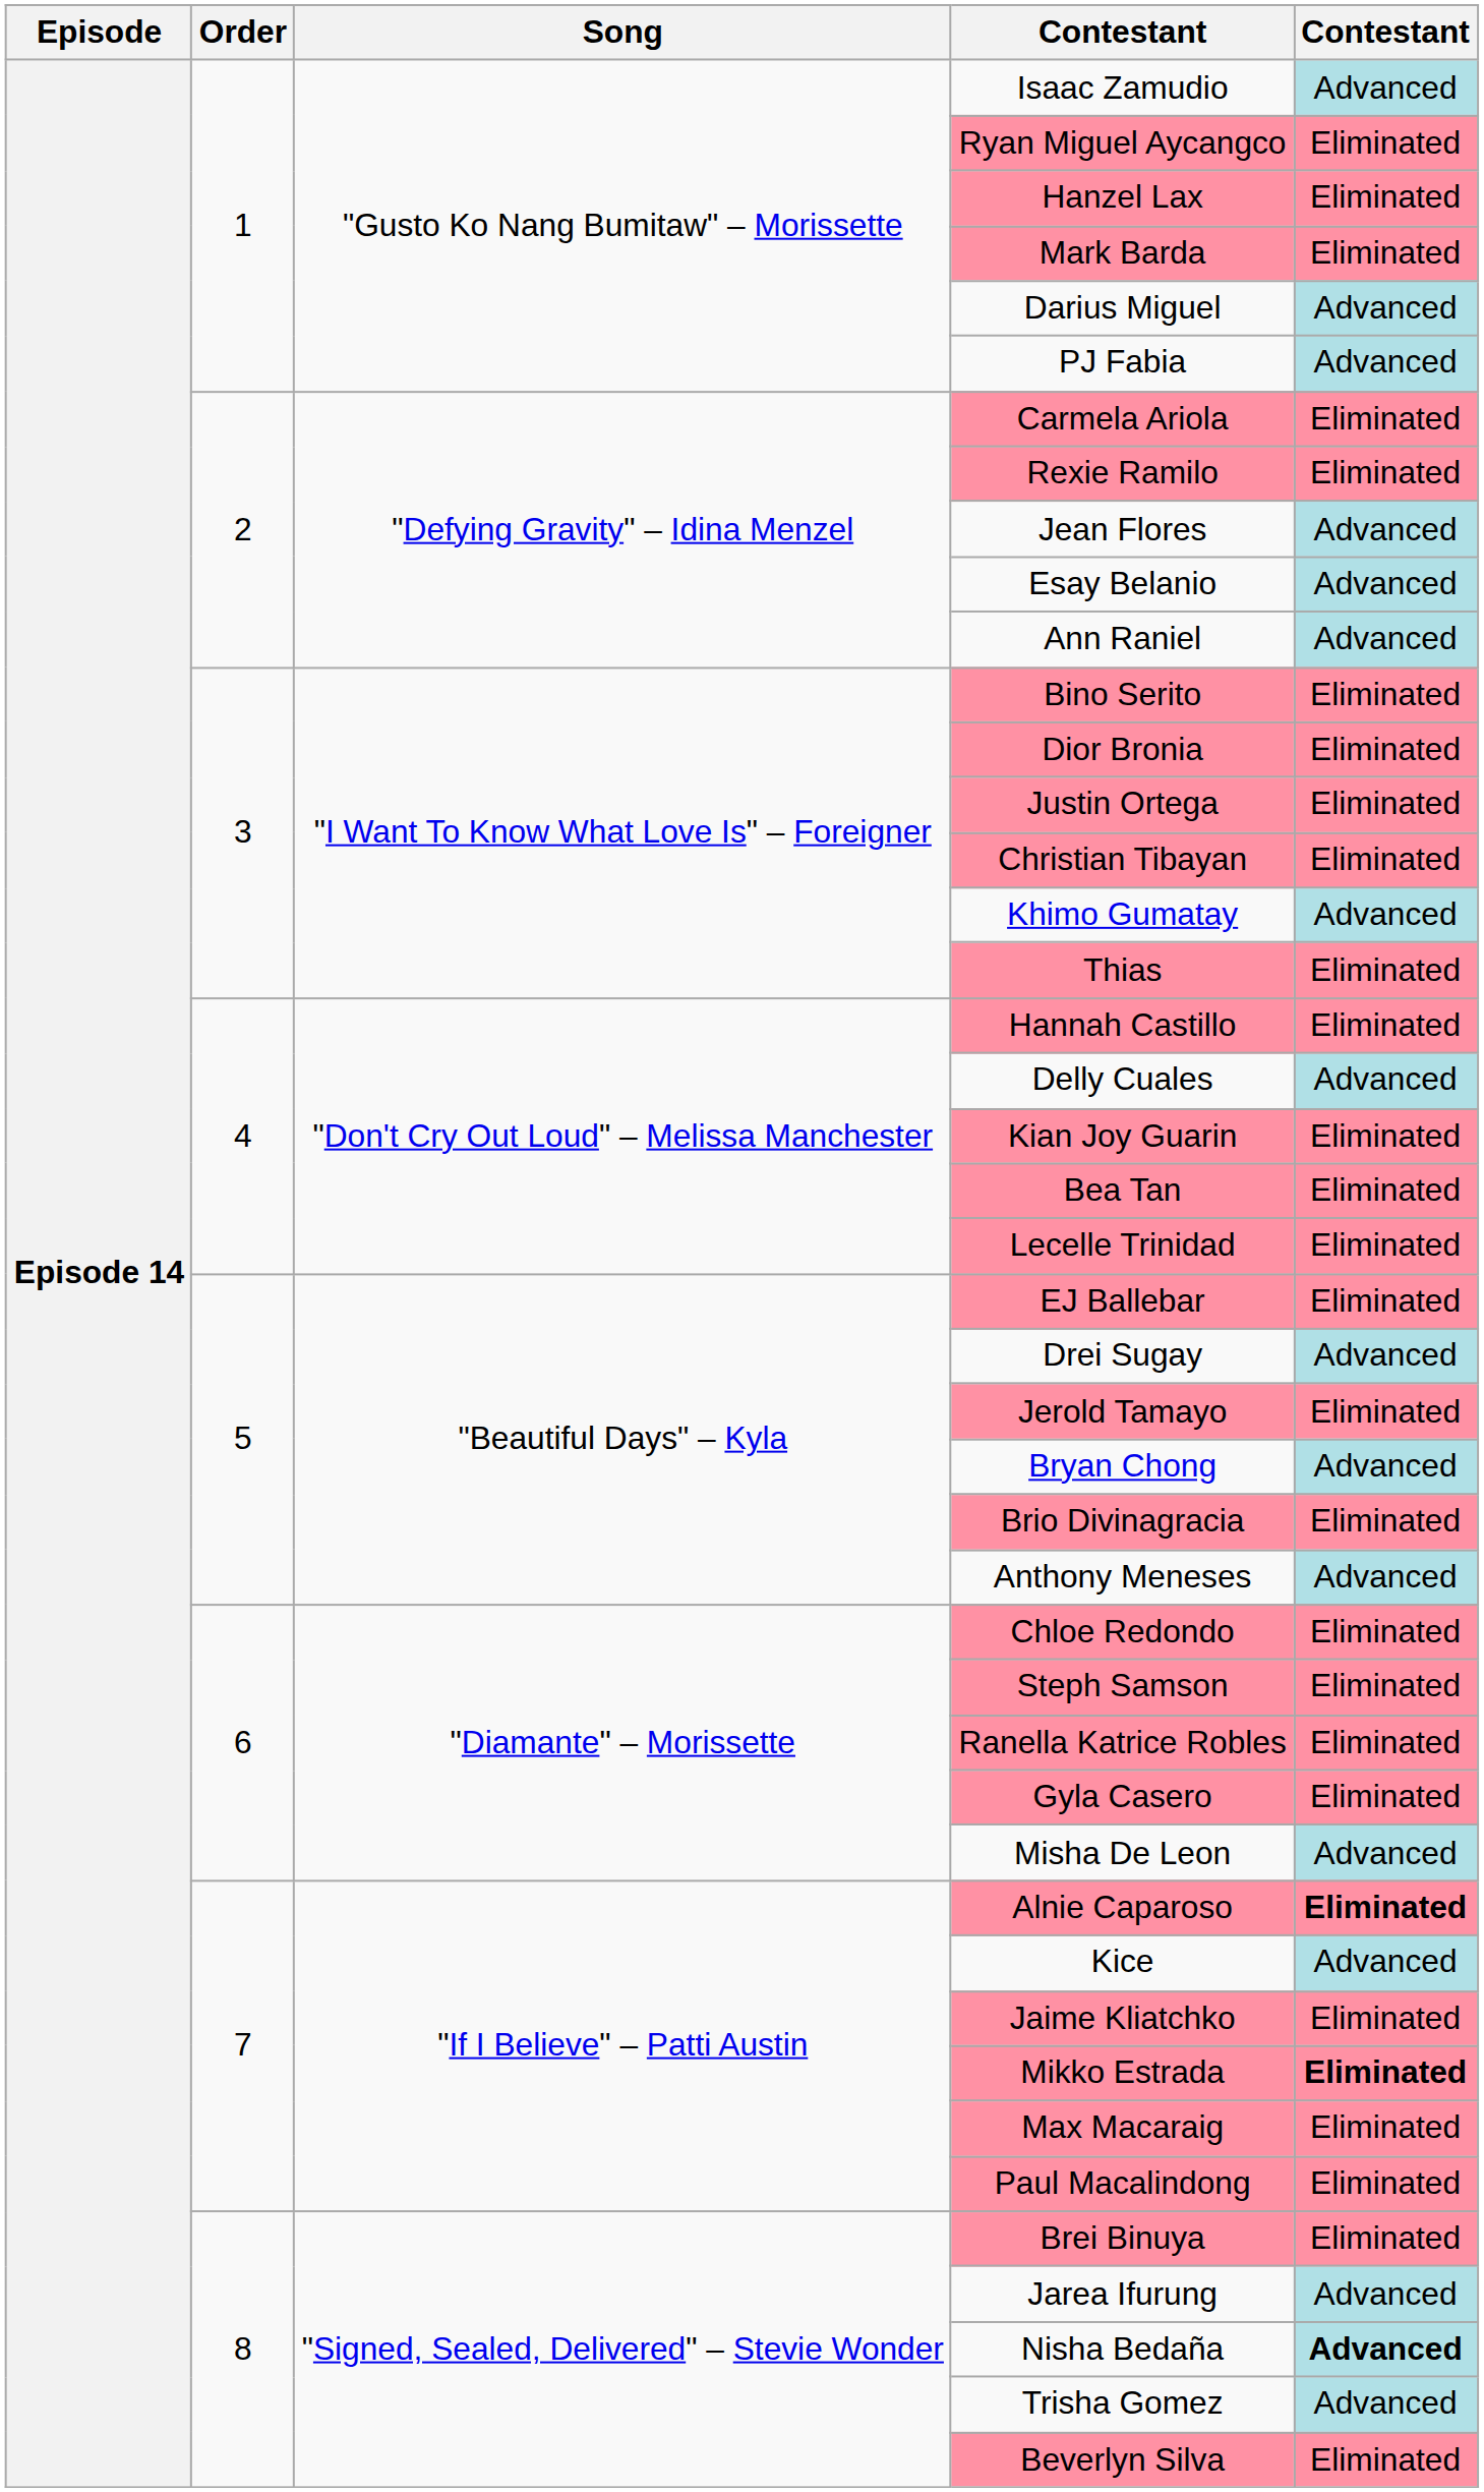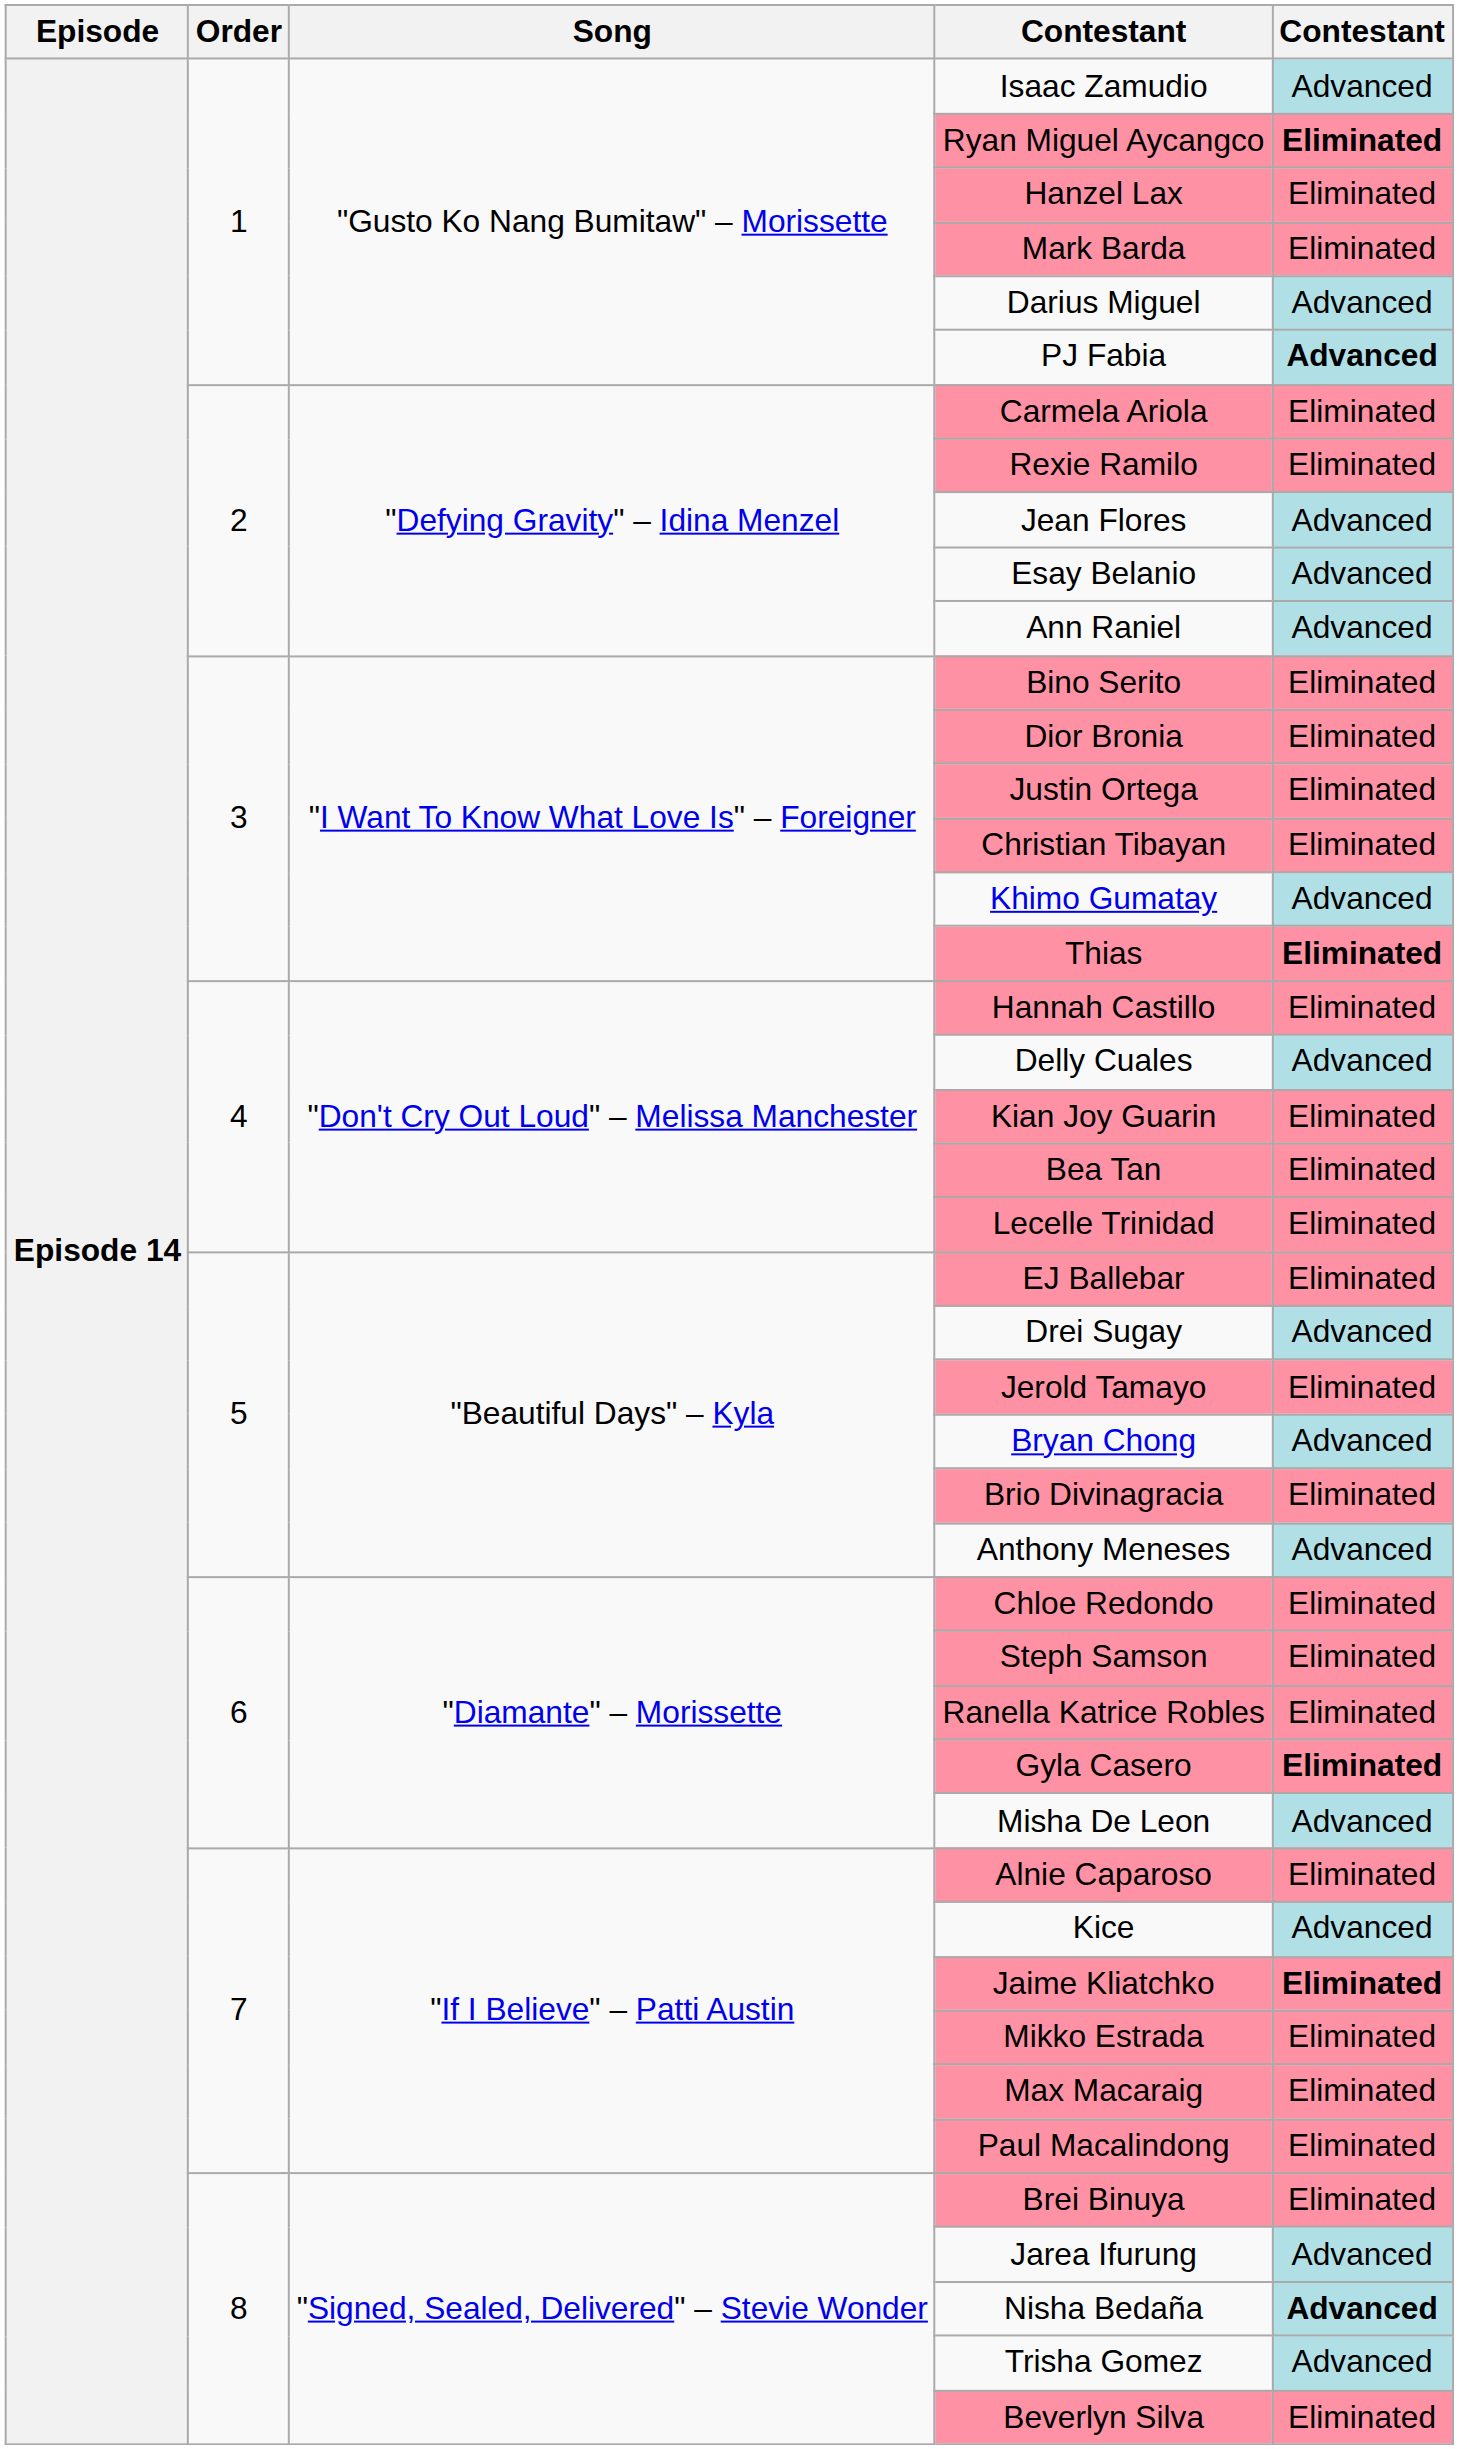 <table class="wikitable sortable" style="margin: 1em auto; font-size:100%; line-height:20px; text-align:center">
 <tr>
 <th rowspan="1">Episode</th>
 <th colspan="1">Order</th>
 <th rowspan="1">Song</th>
 <th>Contestant</th>
 <th rowspan="1">Contestant</th>
 </tr>
 <tr>
 <th rowspan="44"><strong>Episode 14</strong><br><small><em></em></small></th>
 <td rowspan="6">1</td>
 <td rowspan="6">"Gusto Ko Nang Bumitaw" – <a href='#'>Morissette</a></td>
 <td>Isaac Zamudio</td>
 <td bgcolor="#B0E0E6">Advanced</td>
 </tr>
 <tr>
 <td bgcolor=#FF91A4>Ryan Miguel Aycangco</td>
-<td bgcolor="#FF91A4">Eliminated</td>
+<td bgcolor="#FF91A4"><strong>Eliminated</strong></td>
 </tr>
 <tr>
 <td bgcolor=#FF91A4>Hanzel Lax</td>
 <td bgcolor="#FF91A4">Eliminated</td>
 </tr>
 <tr>
 <td bgcolor=#FF91A4>Mark Barda</td>
 <td bgcolor=#FF91A4>Eliminated</td>
 </tr>
 <tr>
 <td>Darius Miguel</td>
 <td bgcolor="#B0E0E6">Advanced</td>
 </tr>
 <tr>
 <td>PJ Fabia</td>
-<td bgcolor="#B0E0E6">Advanced</td>
+<td bgcolor="#B0E0E6"><strong>Advanced</strong></td>
 </tr>
 <tr>
 <td rowspan="5">2</td>
 <td rowspan="5">"<a href='#'>Defying Gravity</a>" – <a href='#'>Idina Menzel</a></td>
 <td bgcolor=#FF91A4>Carmela Ariola</td>
 <td bgcolor=#FF91A4>Eliminated</td>
 </tr>
 <tr>
 <td bgcolor=#FF91A4>Rexie Ramilo</td>
 <td bgcolor=#FF91A4>Eliminated</td>
 </tr>
 <tr>
 <td>Jean Flores</td>
 <td bgcolor="#B0E0E6">Advanced</td>
 </tr>
 <tr>
 <td>Esay Belanio</td>
 <td bgcolor="#B0E0E6">Advanced</td>
 </tr>
 <tr>
 <td>Ann Raniel</td>
 <td bgcolor="#B0E0E6">Advanced</td>
 </tr>
 <tr>
 <td rowspan="6">3</td>
 <td rowspan="6">"<a href='#'>I Want To Know What Love Is</a>" – <a href='#'>Foreigner</a></td>
 <td bgcolor=#FF91A4>Bino Serito</td>
 <td bgcolor="#FF91A4">Eliminated</td>
 </tr>
 <tr>
 <td bgcolor=#FF91A4>Dior Bronia</td>
 <td bgcolor="#FF91A4">Eliminated</td>
 </tr>
 <tr>
 <td bgcolor=#FF91A4>Justin Ortega</td>
 <td bgcolor="#FF91A4">Eliminated</td>
 </tr>
 <tr>
 <td bgcolor=#FF91A4>Christian Tibayan</td>
 <td bgcolor="#FF91A4">Eliminated</td>
 </tr>
 <tr>
 <td><a href='#'>Khimo Gumatay</a></td>
 <td bgcolor="#B0E0E6">Advanced</td>
 </tr>
 <tr>
 <td bgcolor=#FF91A4>Thias</td>
-<td bgcolor="#FF91A4">Eliminated</td>
+<td bgcolor="#FF91A4"><strong>Eliminated</strong></td>
 </tr>
 <tr>
 <td rowspan="5">4</td>
 <td rowspan="5">"<a href='#'>Don't Cry Out Loud</a>" – <a href='#'>Melissa Manchester</a></td>
 <td bgcolor=#FF91A4>Hannah Castillo</td>
 <td bgcolor="#FF91A4">Eliminated</td>
 </tr>
 <tr>
 <td>Delly Cuales</td>
 <td bgcolor="#B0E0E6">Advanced</td>
 </tr>
 <tr>
 <td bgcolor=#FF91A4>Kian Joy Guarin</td>
 <td bgcolor="#FF91A4">Eliminated</td>
 </tr>
 <tr>
 <td bgcolor=#FF91A4>Bea Tan</td>
 <td bgcolor="#FF91A4">Eliminated</td>
 </tr>
 <tr>
 <td bgcolor=#FF91A4>Lecelle Trinidad</td>
 <td bgcolor="#FF91A4">Eliminated</td>
 </tr>
 <tr>
 <td rowspan="6">5</td>
 <td rowspan="6">"Beautiful Days" – <a href='#'>Kyla</a></td>
 <td bgcolor=#FF91A4>EJ Ballebar</td>
 <td bgcolor="#FF91A4">Eliminated</td>
 </tr>
 <tr>
 <td>Drei Sugay</td>
 <td bgcolor="#B0E0E6">Advanced</td>
 </tr>
 <tr>
 <td bgcolor=#FF91A4>Jerold Tamayo</td>
 <td bgcolor="#FF91A4">Eliminated</td>
 </tr>
 <tr>
 <td><a href='#'>Bryan Chong</a></td>
 <td bgcolor="#B0E0E6">Advanced</td>
 </tr>
 <tr>
 <td bgcolor=#FF91A4>Brio Divinagracia</td>
 <td bgcolor="#FF91A4">Eliminated</td>
 </tr>
 <tr>
 <td>Anthony Meneses</td>
 <td bgcolor="#B0E0E6">Advanced</td>
 </tr>
 <tr>
 <td rowspan="5">6</td>
 <td rowspan="5">"<a href='#'>Diamante</a>" – <a href='#'>Morissette</a></td>
 <td bgcolor=#FF91A4>Chloe Redondo</td>
 <td bgcolor="#FF91A4">Eliminated</td>
 </tr>
 <tr>
 <td bgcolor=#FF91A4>Steph Samson</td>
 <td bgcolor="#FF91A4">Eliminated</td>
 </tr>
 <tr>
 <td bgcolor=#FF91A4>Ranella Katrice Robles</td>
 <td bgcolor="#FF91A4">Eliminated</td>
 </tr>
 <tr>
 <td bgcolor=#FF91A4>Gyla Casero</td>
-<td bgcolor="#FF91A4">Eliminated</td>
+<td bgcolor="#FF91A4"><strong>Eliminated</strong></td>
 </tr>
 <tr>
 <td>Misha De Leon</td>
 <td bgcolor="#B0E0E6">Advanced</td>
 </tr>
 <tr>
 <td rowspan="6">7</td>
 <td rowspan="6">"<a href='#'>If I Believe</a>" – <a href='#'>Patti Austin</a></td>
 <td bgcolor=#FF91A4>Alnie Caparoso</td>
-<td bgcolor="#FF91A4"><strong>Eliminated</strong></td>
+<td bgcolor="#FF91A4">Eliminated</td>
 </tr>
 <tr>
 <td>Kice</td>
 <td bgcolor="#B0E0E6">Advanced</td>
 </tr>
 <tr>
 <td bgcolor=#FF91A4>Jaime Kliatchko</td>
-<td bgcolor="#FF91A4">Eliminated</td>
+<td bgcolor="#FF91A4"><strong>Eliminated</strong></td>
 </tr>
 <tr>
 <td bgcolor=#FF91A4>Mikko Estrada</td>
-<td bgcolor="#FF91A4"><strong>Eliminated</strong></td>
+<td bgcolor="#FF91A4">Eliminated</td>
 </tr>
 <tr>
 <td bgcolor=#FF91A4>Max Macaraig</td>
 <td bgcolor="#FF91A4">Eliminated</td>
 </tr>
 <tr>
 <td bgcolor=#FF91A4>Paul Macalindong</td>
 <td bgcolor="#FF91A4">Eliminated</td>
 </tr>
 <tr>
 <td rowspan="5">8</td>
 <td rowspan="5">"<a href='#'>Signed, Sealed, Delivered</a>" – <a href='#'>Stevie Wonder</a></td>
 <td bgcolor=#FF91A4>Brei Binuya</td>
 <td bgcolor="#FF91A4">Eliminated</td>
 </tr>
 <tr>
 <td>Jarea Ifurung</td>
 <td bgcolor="#B0E0E6">Advanced</td>
 </tr>
 <tr>
 <td>Nisha Bedaña</td>
 <td bgcolor="#B0E0E6"><strong>Advanced</strong></td>
 </tr>
 <tr>
 <td>Trisha Gomez</td>
 <td bgcolor="#B0E0E6">Advanced</td>
 </tr>
 <tr>
 <td bgcolor=#FF91A4>Beverlyn Silva</td>
 <td bgcolor="#FF91A4">Eliminated</td>
 </tr>
 </table>
